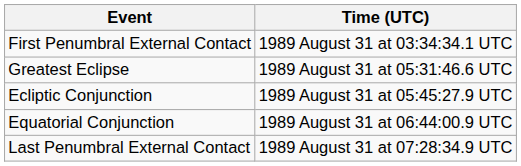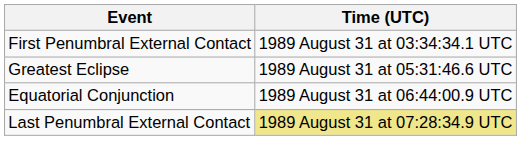 <table class="wikitable">
 <tr>
 <th>Event</th>
 <th>Time (UTC)</th>
 </tr>
 <tr>
 <td>First Penumbral External Contact</td>
 <td>1989 August 31 at 03:34:34.1 UTC</td>
 </tr>
 <tr>
 <td>Greatest Eclipse</td>
 <td>1989 August 31 at 05:31:46.6 UTC</td>
 </tr>
 <tr>
-<td>Ecliptic Conjunction</td>
-<td>1989 August 31 at 05:45:27.9 UTC</td>
-</tr>
-<tr>
 <td>Equatorial Conjunction</td>
 <td>1989 August 31 at 06:44:00.9 UTC</td>
 </tr>
 <tr>
 <td>Last Penumbral External Contact</td>
-<td>1989 August 31 at 07:28:34.9 UTC</td>
+<td style="background: khaki;">1989 August 31 at 07:28:34.9 UTC</td>
 </tr>
 </table>
